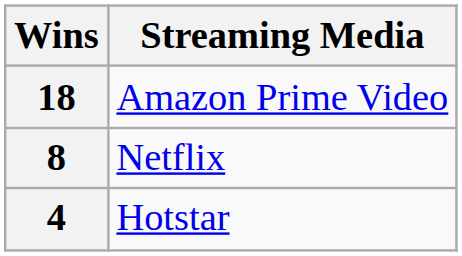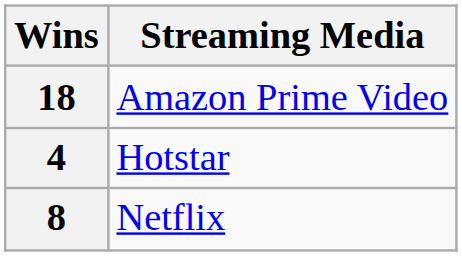 <table class="wikitable" style="display:inline-table;">
 <tr>
 <th>Wins</th>
 <th>Streaming Media</th>
 </tr>
 <tr>
 <th>18</th>
 <td><a href='#'>Amazon Prime Video</a></td>
 </tr>
 <tr>
+<th>4</th>
+<td><a href='#'>Hotstar</a></td>
+</tr>
+<tr>
 <th>8</th>
 <td><a href='#'>Netflix</a></td>
 </tr>
-<tr>
-<th>4</th>
-<td><a href='#'>Hotstar</a></td>
-</tr>
 </table>
